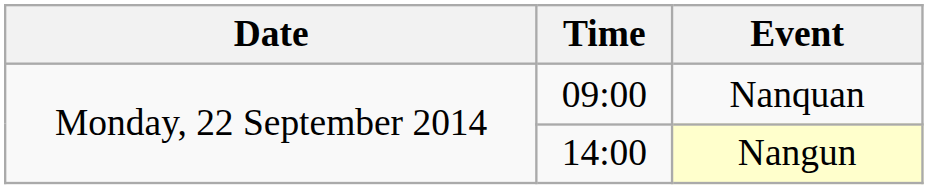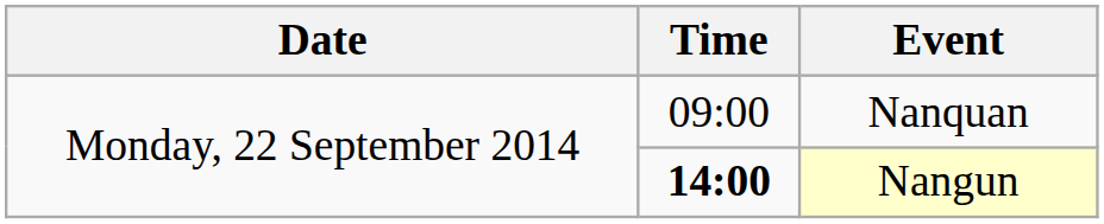 <table class = "wikitable" style="text-align:center;">
 <tr>
 <th width=220>Date</th>
 <th width=50>Time</th>
 <th width=100>Event</th>
 </tr>
 <tr>
 <td rowspan=2>Monday, 22 September 2014</td>
 <td>09:00</td>
 <td>Nanquan</td>
 </tr>
 <tr>
-<td>14:00</td>
+<td><strong>14:00</strong></td>
 <td bgcolor=ffffcc>Nangun</td>
 </tr>
 </table>
